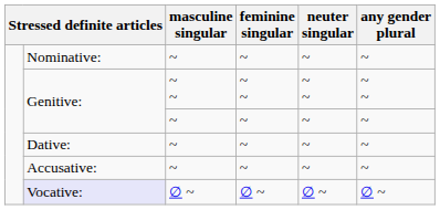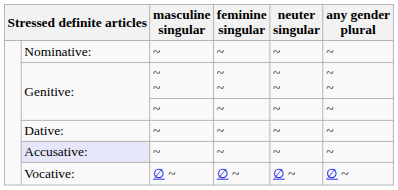 <table class="wikitable">
 <tr>
 <th colspan="2"><strong>Stressed definite articles</strong></th>
 <th>masculine<br>singular</th>
 <th>feminine<br>singular</th>
 <th>neuter<br>singular</th>
 <th>any gender<br>plural</th>
 </tr>
 <tr>
 <td rowspan="6" style="width:5en"> </td>
 <td>Nominative:</td>
 <td><em></em> ~</td>
 <td><em></em> ~</td>
 <td><em></em> ~</td>
 <td><em></em> ~</td>
 </tr>
 <tr>
 <td rowspan="2">Genitive:</td>
 <td><em></em> ~ <em></em> <br> <em></em> ~ <em></em></td>
 <td><em></em> ~ <em></em> <br> <em></em> ~ <em></em></td>
 <td><em></em> ~ <em></em> <br> <em></em> ~ <em></em></td>
 <td><em></em> ~ <em></em> <br> <em></em> ~ <em></em></td>
 </tr>
 <tr>
 <td><em></em> ~</td>
 <td><em></em> ~</td>
 <td><em></em> ~</td>
 <td><em></em> ~</td>
 </tr>
 <tr>
 <td>Dative:</td>
 <td><em></em> ~</td>
 <td><em></em> ~</td>
 <td><em></em> ~</td>
 <td><em></em> ~</td>
 </tr>
 <tr>
-<td>Accusative:</td>
+<td style="background: lavender;">Accusative:</td>
 <td><em></em> ~</td>
 <td><em></em> ~</td>
 <td><em></em> ~</td>
 <td><em></em> ~</td>
 </tr>
 <tr>
-<td style="background: lavender;">Vocative:</td>
+<td>Vocative:</td>
 <td><a href='#'>∅</a> ~</td>
 <td><a href='#'>∅</a> ~</td>
 <td><a href='#'>∅</a> ~</td>
 <td><a href='#'>∅</a> ~</td>
 </tr>
 </table>
